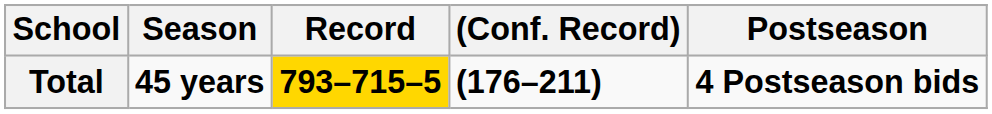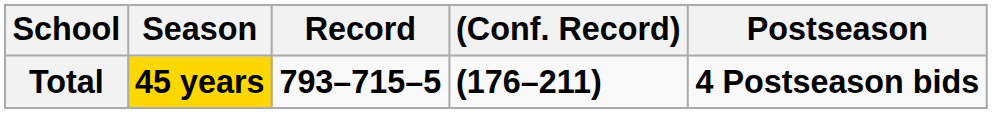 <table class="wikitable">
 <tr>
 <th>School</th>
 <th>Season</th>
 <th>Record</th>
 <th>(Conf. Record)</th>
 <th>Postseason</th>
 </tr>
 <tr>
 <th><strong>Total</strong></th>
-<td><strong>45 years</strong></td>
-<td style="background: gold;"><strong>793–715–5</strong></td>
+<td style="background: gold;"><strong>45 years</strong></td>
+<td><strong>793–715–5</strong></td>
 <td><strong>(176–211)</strong></td>
 <td><strong>4 Postseason bids</strong></td>
 </tr>
 </table>
